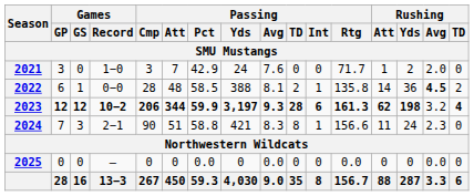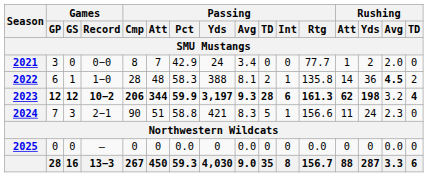 <table class="wikitable" style="text-align:center;">
 <tr>
 <th rowspan="2">Season</th>
 <th colspan="3">Games</th>
 <th colspan="8">Passing</th>
 <th colspan="5">Rushing</th>
 </tr>
 <tr>
 <th>GP</th>
 <th>GS</th>
 <th>Record</th>
 <th>Cmp</th>
 <th>Att</th>
 <th>Pct</th>
 <th>Yds</th>
 <th>Avg</th>
 <th>TD</th>
 <th>Int</th>
 <th>Rtg</th>
 <th>Att</th>
 <th>Yds</th>
 <th>Avg</th>
 <th>TD</th>
 </tr>
 <tr>
 <th colspan="16">SMU Mustangs</th>
 </tr>
 <tr>
 <th><a href='#'>2021</a></th>
 <td>3</td>
 <td>0</td>
-<td>1−0</td>
-<td>3</td>
+<td>0−0</td>
+<td>8</td>
 <td>7</td>
 <td>42.9</td>
 <td>24</td>
-<td>7.6</td>
+<td>3.4</td>
 <td>0</td>
 <td>0</td>
-<td>71.7</td>
+<td>77.7</td>
 <td>1</td>
 <td>2</td>
 <td>2.0</td>
 <td>0</td>
 </tr>
 <tr>
 <th><a href='#'>2022</a></th>
 <td>6</td>
 <td>1</td>
-<td>0−0</td>
+<td>1−0</td>
 <td>28</td>
 <td>48</td>
-<td>58.5</td>
+<td>58.3</td>
 <td>388</td>
 <td>8.1</td>
 <td>2</td>
 <td>1</td>
 <td>135.8</td>
 <td>14</td>
 <td>36</td>
 <td><strong>4.5</strong></td>
 <td>2</td>
 </tr>
 <tr>
 <th><a href='#'>2023</a></th>
 <td><strong>12</strong></td>
 <td><strong>12</strong></td>
 <td><strong>10−2</strong></td>
 <td><strong>206</strong></td>
 <td><strong>344</strong></td>
 <td><strong>59.9</strong></td>
 <td><strong>3,197</strong></td>
 <td><strong>9.3</strong></td>
 <td><strong>28</strong></td>
 <td><strong>6</strong></td>
 <td><strong>161.3</strong></td>
 <td><strong>62</strong></td>
 <td><strong>198</strong></td>
 <td>3.2</td>
 <td><strong>4</strong></td>
 </tr>
 <tr>
 <th><a href='#'>2024</a></th>
 <td>7</td>
 <td>3</td>
 <td>2−1</td>
 <td>90</td>
 <td>51</td>
 <td>58.8</td>
 <td>421</td>
 <td>8.3</td>
-<td>8</td>
+<td>5</td>
 <td>1</td>
 <td>156.6</td>
 <td>11</td>
 <td>24</td>
 <td>2.3</td>
 <td>0</td>
 </tr>
 <tr>
 <th colspan="16">Northwestern Wildcats</th>
 </tr>
 <tr>
 <th><a href='#'>2025</a></th>
 <td>0</td>
 <td>0</td>
 <td>–</td>
 <td>0</td>
 <td>0</td>
 <td>0.0</td>
 <td>0</td>
 <td>0.0</td>
 <td>0</td>
 <td>0</td>
 <td>0.0</td>
 <td>0</td>
 <td>0</td>
 <td>0.0</td>
 <td>0</td>
 </tr>
 <tr>
 <th></th>
 <th>28</th>
 <th>16</th>
 <th>13−3</th>
 <th>267</th>
 <th>450</th>
 <th>59.3</th>
 <th>4,030</th>
 <th>9.0</th>
 <th>35</th>
 <th>8</th>
 <th>156.7</th>
 <th>88</th>
 <th>287</th>
 <th>3.3</th>
 <th>6</th>
 </tr>
 </table>
